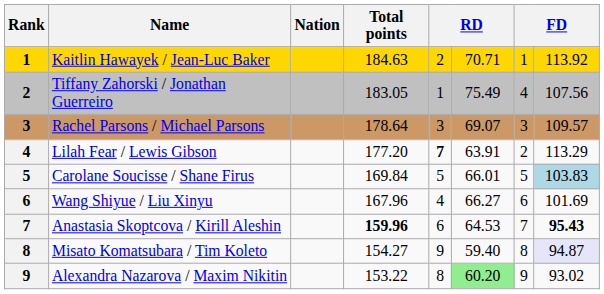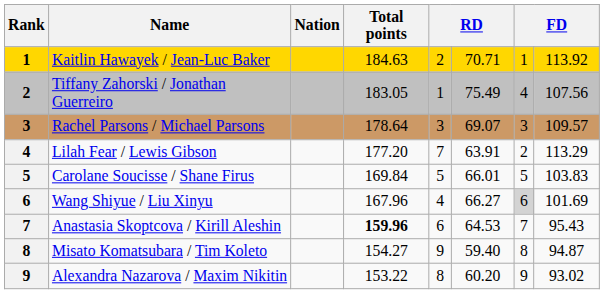 <table class="wikitable sortable">
 <tr>
 <th>Rank</th>
 <th>Name</th>
 <th>Nation</th>
 <th>Total points</th>
 <th colspan="2" width="80px"><a href='#'>RD</a></th>
 <th colspan="2" width="80px"><a href='#'>FD</a></th>
 </tr>
 <tr bgcolor="gold">
 <td align="center"><strong>1</strong></td>
 <td><a href='#'>Kaitlin Hawayek</a> / <a href='#'>Jean-Luc Baker</a></td>
 <td></td>
 <td align="center">184.63</td>
 <td align="center">2</td>
 <td align="center">70.71</td>
 <td align="center">1</td>
 <td align="center">113.92</td>
 </tr>
 <tr bgcolor="silver">
 <td align="center"><strong>2</strong></td>
 <td><a href='#'>Tiffany Zahorski</a> / <a href='#'>Jonathan Guerreiro</a></td>
 <td></td>
 <td align="center">183.05</td>
 <td align="center">1</td>
 <td align="center">75.49</td>
 <td align="center">4</td>
 <td align="center">107.56</td>
 </tr>
 <tr bgcolor="cc9966">
 <td align="center"><strong>3</strong></td>
 <td><a href='#'>Rachel Parsons</a> / <a href='#'>Michael Parsons</a></td>
 <td></td>
 <td align="center">178.64</td>
 <td align="center">3</td>
 <td align="center">69.07</td>
 <td align="center">3</td>
 <td align="center">109.57</td>
 </tr>
 <tr>
 <th>4</th>
 <td><a href='#'>Lilah Fear</a> / <a href='#'>Lewis Gibson</a></td>
 <td></td>
 <td align="center">177.20</td>
-<td align="center"><strong>7</strong></td>
+<td align="center">7</td>
 <td align="center">63.91</td>
 <td align="center">2</td>
 <td align="center">113.29</td>
 </tr>
 <tr>
 <th>5</th>
 <td><a href='#'>Carolane Soucisse</a> / <a href='#'>Shane Firus</a></td>
 <td></td>
 <td align="center">169.84</td>
 <td align="center">5</td>
 <td align="center">66.01</td>
 <td align="center">5</td>
-<td align="center" style="background: lightblue;">103.83</td>
+<td align="center">103.83</td>
 </tr>
 <tr>
 <th>6</th>
 <td><a href='#'>Wang Shiyue</a> / <a href='#'>Liu Xinyu</a></td>
 <td></td>
 <td align="center">167.96</td>
 <td align="center">4</td>
 <td align="center">66.27</td>
-<td align="center">6</td>
+<td align="center" style="background: lightgrey;">6</td>
 <td align="center">101.69</td>
 </tr>
 <tr>
 <th>7</th>
 <td><a href='#'>Anastasia Skoptcova</a> / <a href='#'>Kirill Aleshin</a></td>
 <td></td>
 <td align="center"><strong>159.96</strong></td>
 <td align="center">6</td>
 <td align="center">64.53</td>
 <td align="center">7</td>
-<td align="center"><strong>95.43</strong></td>
+<td align="center">95.43</td>
 </tr>
 <tr>
 <th>8</th>
 <td><a href='#'>Misato Komatsubara</a> / <a href='#'>Tim Koleto</a></td>
 <td></td>
 <td align="center">154.27</td>
 <td align="center">9</td>
 <td align="center">59.40</td>
 <td align="center">8</td>
-<td align="center" style="background: lavender;">94.87</td>
+<td align="center">94.87</td>
 </tr>
 <tr>
 <th>9</th>
 <td><a href='#'>Alexandra Nazarova</a> / <a href='#'>Maxim Nikitin</a></td>
 <td></td>
 <td align="center">153.22</td>
 <td align="center">8</td>
-<td align="center" style="background: lightgreen;">60.20</td>
+<td align="center">60.20</td>
 <td align="center">9</td>
 <td align="center">93.02</td>
 </tr>
 </table>
